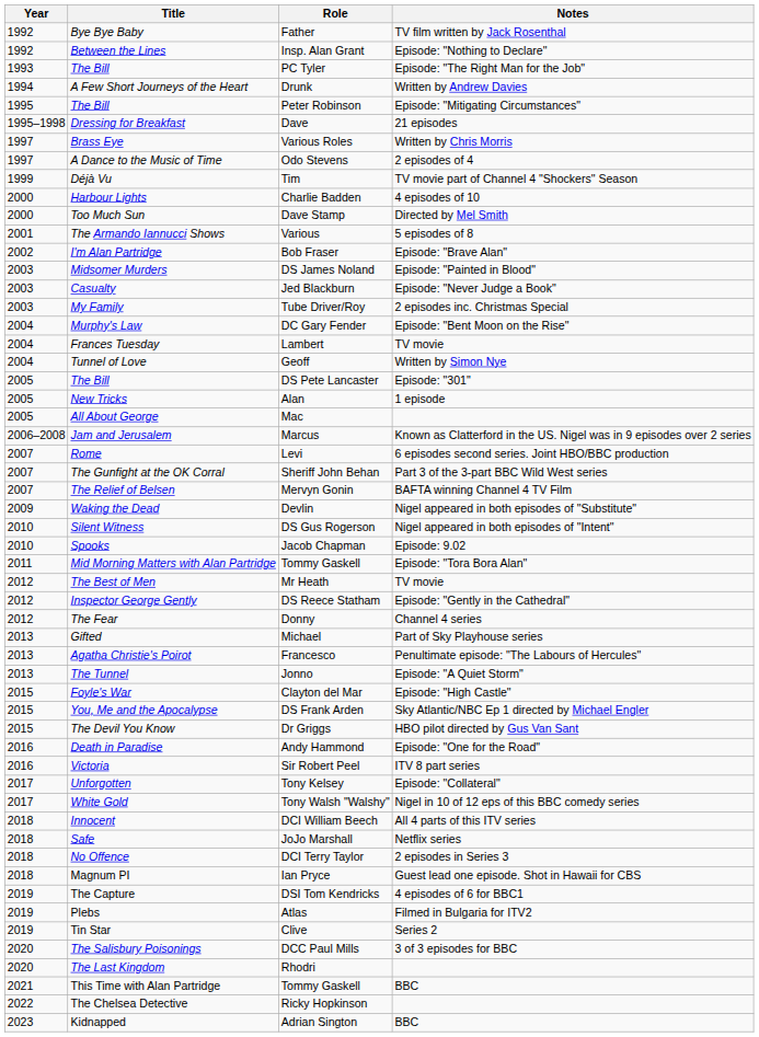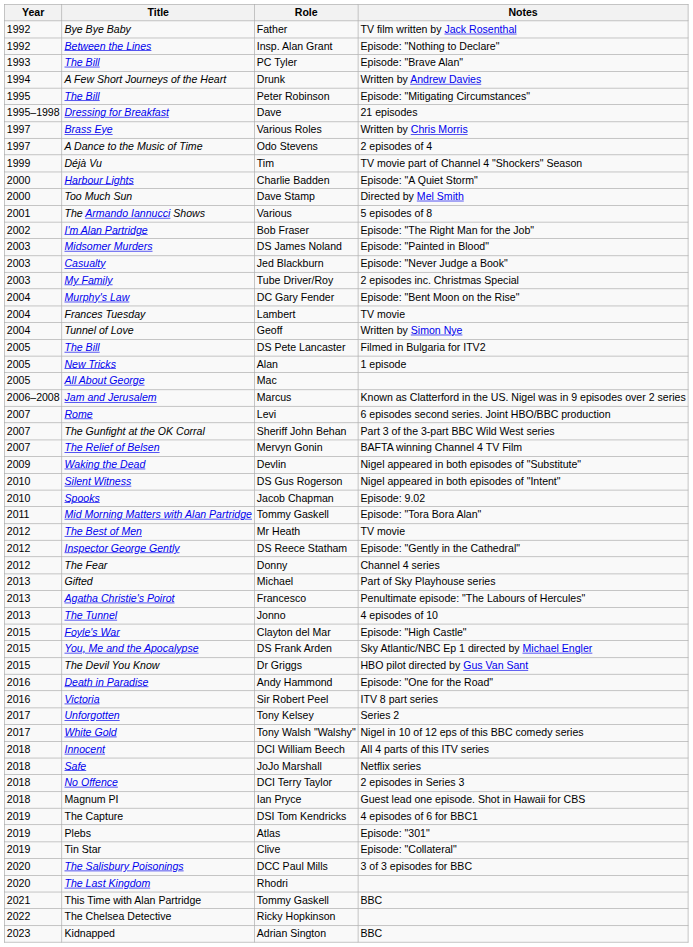 <table class="wikitable sortable">
 <tr>
 <th>Year</th>
 <th>Title</th>
 <th>Role</th>
 <th>Notes</th>
 </tr>
 <tr>
 <td>1992</td>
 <td><em>Bye Bye Baby</em></td>
 <td>Father</td>
 <td>TV film written by <a href='#'>Jack Rosenthal</a></td>
 </tr>
 <tr>
 <td>1992</td>
 <td><em><a href='#'>Between the Lines</a></em></td>
 <td>Insp. Alan Grant</td>
 <td>Episode: "Nothing to Declare"</td>
 </tr>
 <tr>
 <td>1993</td>
 <td><em><a href='#'>The Bill</a></em></td>
 <td>PC Tyler</td>
-<td>Episode: "The Right Man for the Job"</td>
+<td>Episode: "Brave Alan"</td>
 </tr>
 <tr>
 <td>1994</td>
 <td><em>A Few Short Journeys of the Heart</em></td>
 <td>Drunk</td>
 <td>Written by <a href='#'>Andrew Davies</a></td>
 </tr>
 <tr>
 <td>1995</td>
 <td><em><a href='#'>The Bill</a></em></td>
 <td>Peter Robinson</td>
 <td>Episode: "Mitigating Circumstances"</td>
 </tr>
 <tr>
 <td>1995–1998</td>
 <td><em><a href='#'>Dressing for Breakfast</a></em></td>
 <td>Dave</td>
 <td>21 episodes</td>
 </tr>
 <tr>
 <td>1997</td>
 <td><em><a href='#'>Brass Eye</a></em></td>
 <td>Various Roles</td>
 <td>Written by <a href='#'>Chris Morris</a></td>
 </tr>
 <tr>
 <td>1997</td>
 <td><em>A Dance to the Music of Time</em></td>
 <td>Odo Stevens</td>
 <td>2 episodes of 4</td>
 </tr>
 <tr>
 <td>1999</td>
 <td><em>Déjà Vu</em></td>
 <td>Tim</td>
 <td>TV movie part of Channel 4 "Shockers" Season</td>
 </tr>
 <tr>
 <td>2000</td>
 <td><em><a href='#'>Harbour Lights</a></em></td>
 <td>Charlie Badden</td>
-<td>4 episodes of 10</td>
+<td>Episode: "A Quiet Storm"</td>
 </tr>
 <tr>
 <td>2000</td>
 <td><em>Too Much Sun</em></td>
 <td>Dave Stamp</td>
 <td>Directed by <a href='#'>Mel Smith</a></td>
 </tr>
 <tr>
 <td>2001</td>
 <td><em>The <a href='#'>Armando Iannucci</a> Shows</em></td>
 <td>Various</td>
 <td>5 episodes of 8</td>
 </tr>
 <tr>
 <td>2002</td>
 <td><em><a href='#'>I'm Alan Partridge</a></em></td>
 <td>Bob Fraser</td>
-<td>Episode: "Brave Alan"</td>
+<td>Episode: "The Right Man for the Job"</td>
 </tr>
 <tr>
 <td>2003</td>
 <td><em><a href='#'>Midsomer Murders</a></em></td>
 <td>DS James Noland</td>
 <td>Episode: "Painted in Blood"</td>
 </tr>
 <tr>
 <td>2003</td>
 <td><em><a href='#'>Casualty</a></em></td>
 <td>Jed Blackburn</td>
 <td>Episode: "Never Judge a Book"</td>
 </tr>
 <tr>
 <td>2003</td>
 <td><em><a href='#'>My Family</a></em></td>
 <td>Tube Driver/Roy</td>
 <td>2 episodes inc. Christmas Special</td>
 </tr>
 <tr>
 <td>2004</td>
 <td><em><a href='#'>Murphy's Law</a></em></td>
 <td>DC Gary Fender</td>
 <td>Episode: "Bent Moon on the Rise"</td>
 </tr>
 <tr>
 <td>2004</td>
 <td><em>Frances Tuesday</em></td>
 <td>Lambert</td>
 <td>TV movie</td>
 </tr>
 <tr>
 <td>2004</td>
 <td><em>Tunnel of Love</em></td>
 <td>Geoff</td>
 <td>Written by <a href='#'>Simon Nye</a></td>
 </tr>
 <tr>
 <td>2005</td>
 <td><em><a href='#'>The Bill</a></em></td>
 <td>DS Pete Lancaster</td>
-<td>Episode: "301"</td>
+<td>Filmed in Bulgaria for ITV2</td>
 </tr>
 <tr>
 <td>2005</td>
 <td><em><a href='#'>New Tricks</a></em></td>
 <td>Alan</td>
 <td>1 episode</td>
 </tr>
 <tr>
 <td>2005</td>
 <td><em><a href='#'>All About George</a></em></td>
 <td>Mac</td>
 <td></td>
 </tr>
 <tr>
 <td>2006–2008</td>
 <td><em><a href='#'>Jam and Jerusalem</a></em></td>
 <td>Marcus</td>
 <td>Known as Clatterford in the US. Nigel was in 9 episodes over 2 series</td>
 </tr>
 <tr>
 <td>2007</td>
 <td><em><a href='#'>Rome</a></em></td>
 <td>Levi</td>
 <td>6 episodes second series. Joint HBO/BBC production</td>
 </tr>
 <tr>
 <td>2007</td>
 <td><em>The Gunfight at the OK Corral</em></td>
 <td>Sheriff John Behan</td>
 <td>Part 3 of the 3-part BBC Wild West series</td>
 </tr>
 <tr>
 <td>2007</td>
 <td><em><a href='#'>The Relief of Belsen</a></em></td>
 <td>Mervyn Gonin</td>
 <td>BAFTA winning Channel 4 TV Film</td>
 </tr>
 <tr>
 <td>2009</td>
 <td><em><a href='#'>Waking the Dead</a></em></td>
 <td>Devlin</td>
 <td>Nigel appeared in both episodes of "Substitute"</td>
 </tr>
 <tr>
 <td>2010</td>
 <td><em><a href='#'>Silent Witness</a></em></td>
 <td>DS Gus Rogerson</td>
 <td>Nigel appeared in both episodes of "Intent"</td>
 </tr>
 <tr>
 <td>2010</td>
 <td><em><a href='#'>Spooks</a></em></td>
 <td>Jacob Chapman</td>
 <td>Episode: 9.02</td>
 </tr>
 <tr>
 <td>2011</td>
 <td><em><a href='#'>Mid Morning Matters with Alan Partridge</a></em></td>
 <td>Tommy Gaskell</td>
 <td>Episode: "Tora Bora Alan"</td>
 </tr>
 <tr>
 <td>2012</td>
 <td><em><a href='#'>The Best of Men</a></em></td>
 <td>Mr Heath</td>
 <td>TV movie</td>
 </tr>
 <tr>
 <td>2012</td>
 <td><em><a href='#'>Inspector George Gently</a></em></td>
 <td>DS Reece Statham</td>
 <td>Episode: "Gently in the Cathedral"</td>
 </tr>
 <tr>
 <td>2012</td>
 <td><em>The Fear</em></td>
 <td>Donny</td>
 <td>Channel 4 series</td>
 </tr>
 <tr>
 <td>2013</td>
 <td><em>Gifted</em></td>
 <td>Michael</td>
 <td>Part of Sky Playhouse series</td>
 </tr>
 <tr>
 <td>2013</td>
 <td><em><a href='#'>Agatha Christie's Poirot</a></em></td>
 <td>Francesco</td>
 <td>Penultimate episode: "The Labours of Hercules"</td>
 </tr>
 <tr>
 <td>2013</td>
 <td><em><a href='#'>The Tunnel</a></em></td>
 <td>Jonno</td>
-<td>Episode: "A Quiet Storm"</td>
+<td>4 episodes of 10</td>
 </tr>
 <tr>
 <td>2015</td>
 <td><em><a href='#'>Foyle's War</a></em></td>
 <td>Clayton del Mar</td>
 <td>Episode: "High Castle"</td>
 </tr>
 <tr>
 <td>2015</td>
 <td><em><a href='#'>You, Me and the Apocalypse</a></em></td>
 <td>DS Frank Arden</td>
 <td>Sky Atlantic/NBC Ep 1 directed by <a href='#'>Michael Engler</a></td>
 </tr>
 <tr>
 <td>2015</td>
 <td><em>The Devil You Know</em></td>
 <td>Dr Griggs</td>
 <td>HBO pilot directed by <a href='#'>Gus Van Sant</a></td>
 </tr>
 <tr>
 <td>2016</td>
 <td><em><a href='#'>Death in Paradise</a></em></td>
 <td>Andy Hammond</td>
 <td>Episode: "One for the Road"</td>
 </tr>
 <tr>
 <td>2016</td>
 <td><em><a href='#'>Victoria</a></em></td>
 <td>Sir Robert Peel</td>
 <td>ITV 8 part series</td>
 </tr>
 <tr>
 <td>2017</td>
 <td><em><a href='#'>Unforgotten</a></em></td>
 <td>Tony Kelsey</td>
-<td>Episode: "Collateral"</td>
+<td>Series 2</td>
 </tr>
 <tr>
 <td>2017</td>
 <td><em><a href='#'>White Gold</a></em></td>
 <td>Tony Walsh "Walshy"</td>
 <td>Nigel in 10 of 12 eps of this BBC comedy series</td>
 </tr>
 <tr>
 <td>2018</td>
 <td><em><a href='#'>Innocent</a></em></td>
 <td>DCI William Beech</td>
 <td>All 4 parts of this ITV series</td>
 </tr>
 <tr>
 <td>2018</td>
 <td><em><a href='#'>Safe</a></em></td>
 <td>JoJo Marshall</td>
 <td>Netflix series</td>
 </tr>
 <tr>
 <td>2018</td>
 <td><em><a href='#'>No Offence</a></em></td>
 <td>DCI Terry Taylor</td>
 <td>2 episodes in Series 3</td>
 </tr>
 <tr>
 <td>2018</td>
 <td>Magnum PI</td>
 <td>Ian Pryce</td>
 <td>Guest lead one episode. Shot in Hawaii for CBS</td>
 </tr>
 <tr>
 <td>2019</td>
 <td>The Capture</td>
 <td>DSI Tom Kendricks</td>
 <td>4 episodes of 6 for BBC1</td>
 </tr>
 <tr>
 <td>2019</td>
 <td>Plebs</td>
 <td>Atlas</td>
-<td>Filmed in Bulgaria for ITV2</td>
+<td>Episode: "301"</td>
 </tr>
 <tr>
 <td>2019</td>
 <td>Tin Star</td>
 <td>Clive</td>
-<td>Series 2</td>
+<td>Episode: "Collateral"</td>
 </tr>
 <tr>
 <td>2020</td>
 <td><em><a href='#'>The Salisbury Poisonings</a></em></td>
 <td>DCC Paul Mills</td>
 <td>3 of 3 episodes for BBC</td>
 </tr>
 <tr>
 <td>2020</td>
 <td><em><a href='#'>The Last Kingdom</a></em></td>
 <td>Rhodri</td>
 <td></td>
 </tr>
 <tr>
 <td>2021</td>
 <td>This Time with Alan Partridge</td>
 <td>Tommy Gaskell</td>
 <td>BBC</td>
 </tr>
 <tr>
 <td>2022</td>
 <td>The Chelsea Detective</td>
 <td>Ricky Hopkinson</td>
 <td></td>
 </tr>
 <tr>
 <td>2023</td>
 <td>Kidnapped</td>
 <td>Adrian Sington</td>
 <td>BBC</td>
 </tr>
 </table>
